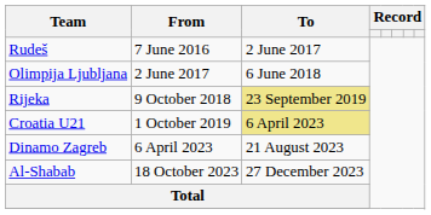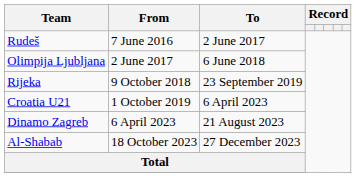 <table class="wikitable" style="text-align: center">
 <tr>
 <th rowspan=2>Team</th>
 <th rowspan=2>From</th>
 <th rowspan=2>To</th>
 <th colspan=5>Record</th>
 </tr>
 <tr>
 <th></th>
 <th></th>
 <th></th>
 <th></th>
 <th></th>
 </tr>
 <tr>
 <td align=left><a href='#'>Rudeš</a></td>
 <td align=left>7 June 2016</td>
 <td align=left>2 June 2017<br></td>
 </tr>
 <tr>
 <td align=left><a href='#'>Olimpija Ljubljana</a></td>
 <td align=left>2 June 2017</td>
 <td align=left>6 June 2018<br></td>
 </tr>
 <tr>
 <td align=left><a href='#'>Rijeka</a></td>
 <td align=left>9 October 2018</td>
-<td align=left style="background: khaki;">23 September 2019<br></td>
+<td align=left>23 September 2019<br></td>
 </tr>
 <tr>
 <td align=left><a href='#'>Croatia U21</a></td>
 <td align=left>1 October 2019</td>
-<td align=left style="background: khaki;">6 April 2023<br></td>
+<td align=left>6 April 2023<br></td>
 </tr>
 <tr>
 <td align=left><a href='#'>Dinamo Zagreb</a></td>
 <td align=left>6 April 2023</td>
 <td align=left>21 August 2023<br></td>
 </tr>
 <tr>
 <td align=left><a href='#'>Al-Shabab</a></td>
 <td align=left>18 October 2023</td>
 <td align=left>27 December 2023<br></td>
 </tr>
 <tr>
 <th colspan=3>Total<br></th>
 </tr>
 <tr>
 </tr>
 </table>
